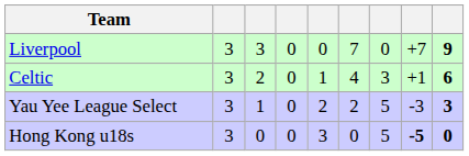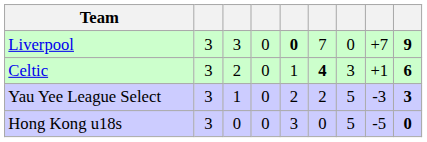 <table class="wikitable" style="text-align:center;">
 <tr>
 <th width=175>Team</th>
 <th width=20></th>
 <th width=20></th>
 <th width=20></th>
 <th width=20></th>
 <th width=20></th>
 <th width=20></th>
 <th width=20></th>
 <th width=20></th>
 </tr>
 <tr bgcolor="#ccffcc">
 <td align="left"><a href='#'>Liverpool</a></td>
 <td>3</td>
 <td>3</td>
 <td>0</td>
-<td>0</td>
+<td><strong>0</strong></td>
 <td>7</td>
 <td>0</td>
 <td>+7</td>
 <td><strong>9</strong></td>
 </tr>
 <tr bgcolor="#ccffcc">
 <td align="left"><a href='#'>Celtic</a></td>
 <td>3</td>
 <td>2</td>
 <td>0</td>
 <td>1</td>
-<td>4</td>
+<td><strong>4</strong></td>
 <td>3</td>
 <td>+1</td>
 <td><strong>6</strong></td>
 </tr>
 <tr bgcolor="#ccccff">
 <td align="left">Yau Yee League Select</td>
 <td>3</td>
 <td>1</td>
 <td>0</td>
 <td>2</td>
 <td>2</td>
 <td>5</td>
 <td>-3</td>
 <td><strong>3</strong></td>
 </tr>
 <tr bgcolor="#ccccff">
 <td align="left">Hong Kong u18s</td>
 <td>3</td>
 <td>0</td>
 <td>0</td>
 <td>3</td>
 <td>0</td>
 <td>5</td>
-<td><strong>-5</strong></td>
+<td>-5</td>
 <td><strong>0</strong></td>
 </tr>
 </table>
